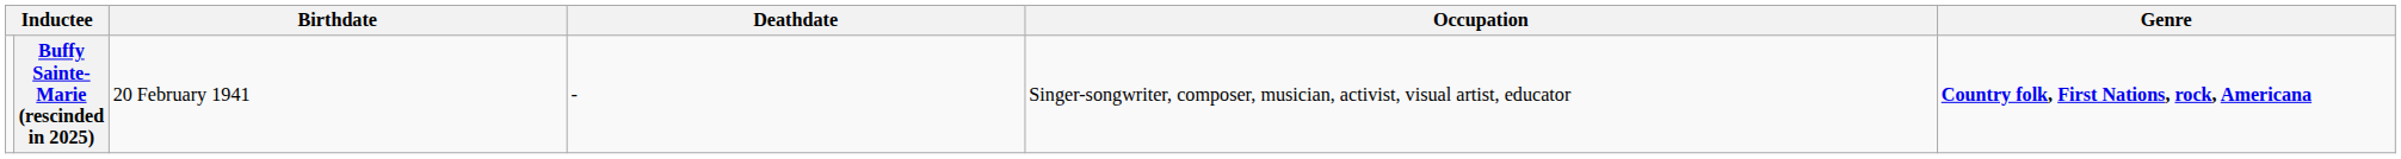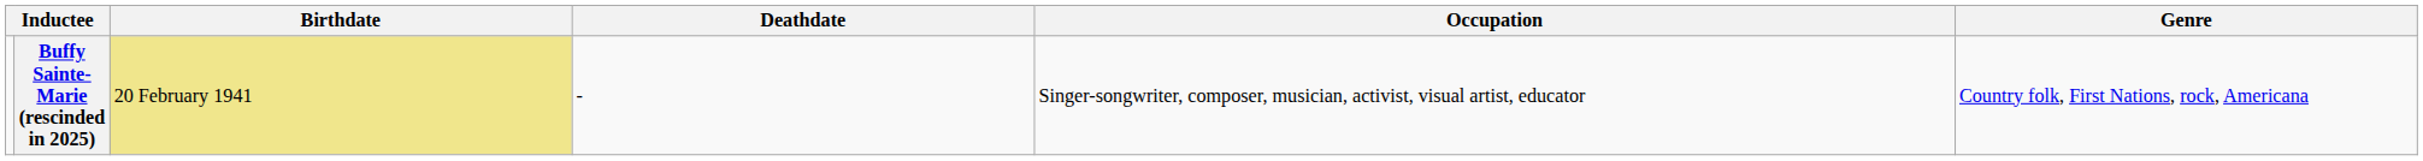 <table class="wikitable" width="100%">
 <tr>
 <th colspan=2>Inductee</th>
 <th width="20%">Birthdate</th>
 <th width="20%">Deathdate</th>
 <th width="40%">Occupation</th>
 <th width="40%">Genre</th>
 </tr>
 <tr>
 <td></td>
 <th><a href='#'>Buffy Sainte-Marie</a><br>(rescinded in 2025)</th>
-<td>20 February 1941</td>
+<td style="background: khaki;">20 February 1941</td>
 <td>-</td>
 <td>Singer-songwriter, composer, musician, activist, visual artist, educator</td>
-<td><strong><a href='#'>Country folk</a>, <a href='#'>First Nations</a>, <a href='#'>rock</a>, <a href='#'>Americana</a></strong></td>
+<td><a href='#'>Country folk</a>, <a href='#'>First Nations</a>, <a href='#'>rock</a>, <a href='#'>Americana</a></td>
 </tr>
 </table>
